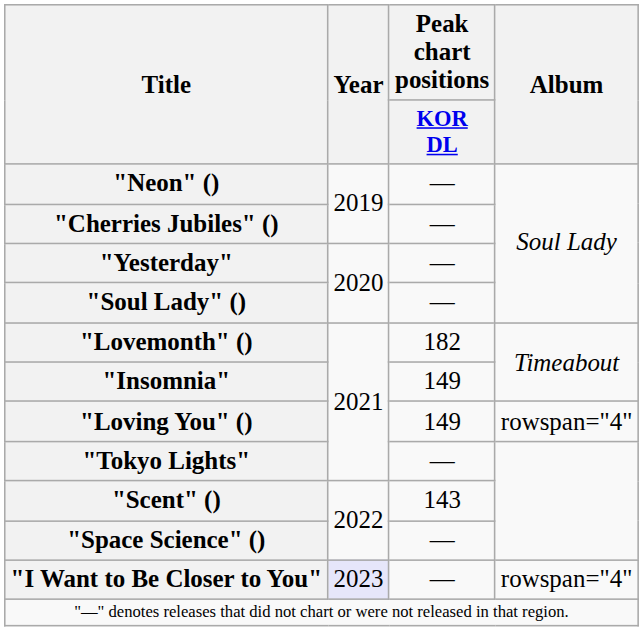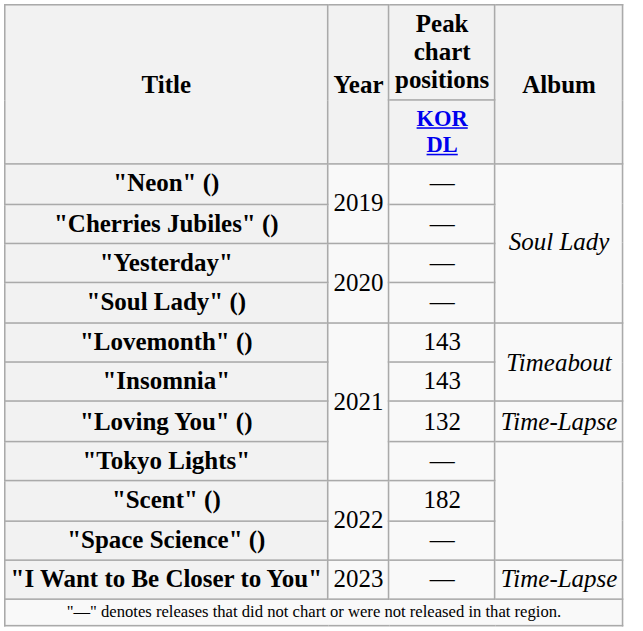 <table class="wikitable plainrowheaders" style="text-align:center;">
 <tr>
 <th scope="col" rowspan="2">Title</th>
 <th scope="col" rowspan="2">Year</th>
 <th scope="col" colspan="1">Peak chart positions</th>
 <th scope="col" rowspan="2">Album</th>
 </tr>
 <tr>
 <th scope="col" style="width:3em;font-size:90%;"><a href='#'>KOR<br>DL</a><br></th>
 </tr>
 <tr>
 <th scope="row">"Neon" ()</th>
 <td rowspan="2">2019</td>
 <td>—</td>
 <td rowspan="4"><em>Soul Lady</em></td>
 </tr>
 <tr>
 <th scope="row">"Cherries Jubiles" ()</th>
 <td>—</td>
 </tr>
 <tr>
 <th scope="row">"Yesterday"</th>
 <td rowspan="2">2020</td>
 <td>—</td>
 </tr>
 <tr>
 <th scope="row">"Soul Lady" ()</th>
 <td>—</td>
 </tr>
 <tr>
 <th scope="row">"Lovemonth" ()</th>
 <td rowspan="4">2021</td>
-<td>182</td>
+<td>143</td>
 <td rowspan="2"><em>Timeabout</em></td>
 </tr>
 <tr>
 <th scope="row">"Insomnia"</th>
-<td>149</td>
+<td>143</td>
 </tr>
 <tr>
 <th scope="row">"Loving You" ()</th>
-<td>149</td>
-<td>rowspan="4" </td>
+<td>132</td>
+<td><em>Time-Lapse</em></td>
 </tr>
 <tr>
 <th scope="row">"Tokyo Lights"</th>
 <td>—</td>
 </tr>
 <tr>
 <th scope="row">"Scent" ()</th>
 <td rowspan="2">2022</td>
-<td>143</td>
+<td>182</td>
 </tr>
 <tr>
 <th scope="row">"Space Science" ()</th>
 <td>—</td>
 </tr>
 <tr>
 <th scope="row">"I Want to Be Closer to You"</th>
-<td style="background: lavender;">2023</td>
+<td>2023</td>
 <td>—</td>
-<td>rowspan="4" </td>
+<td><em>Time-Lapse</em></td>
 </tr>
 <tr>
 <td colspan="4" style="font-size:8pt;">"—" denotes releases that did not chart or were not released in that region.</td>
 </tr>
 </table>
